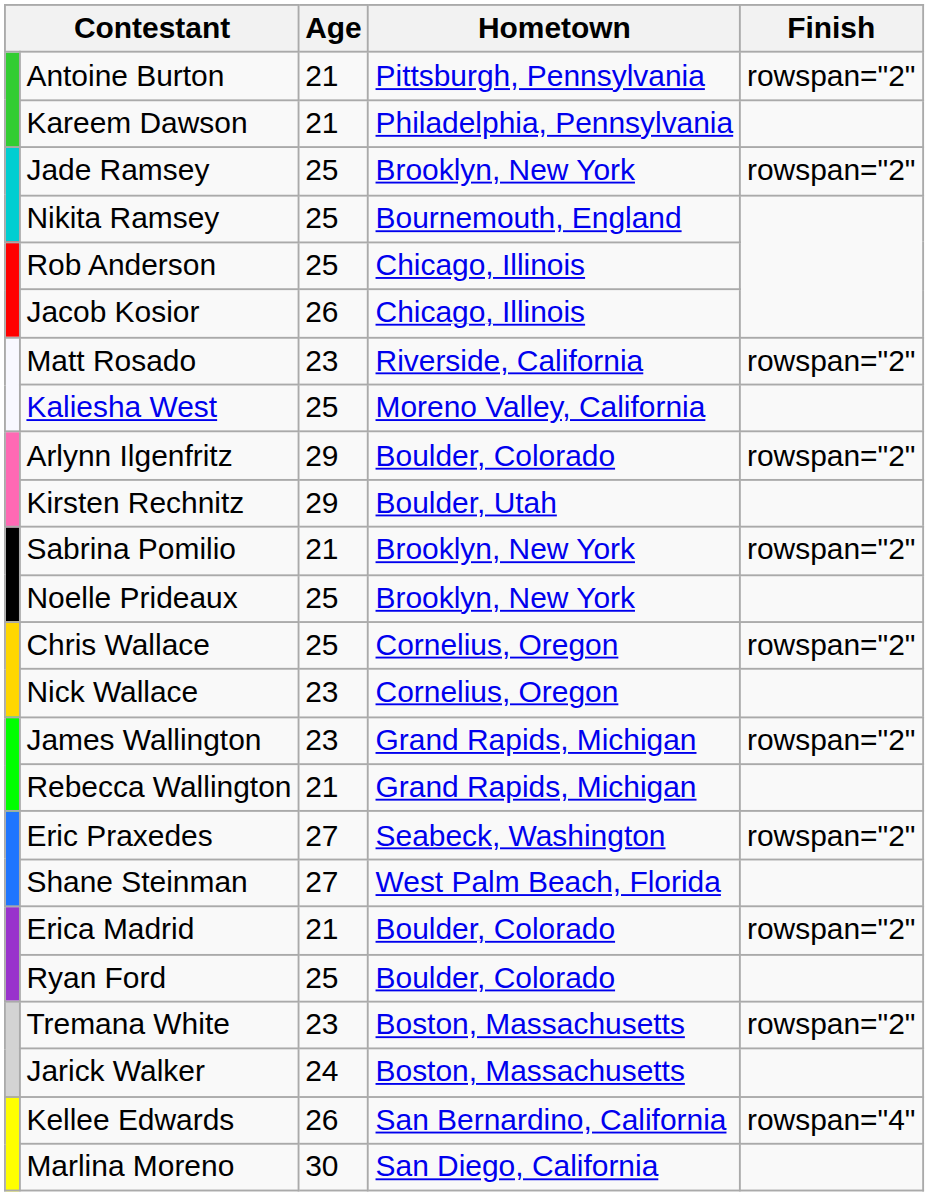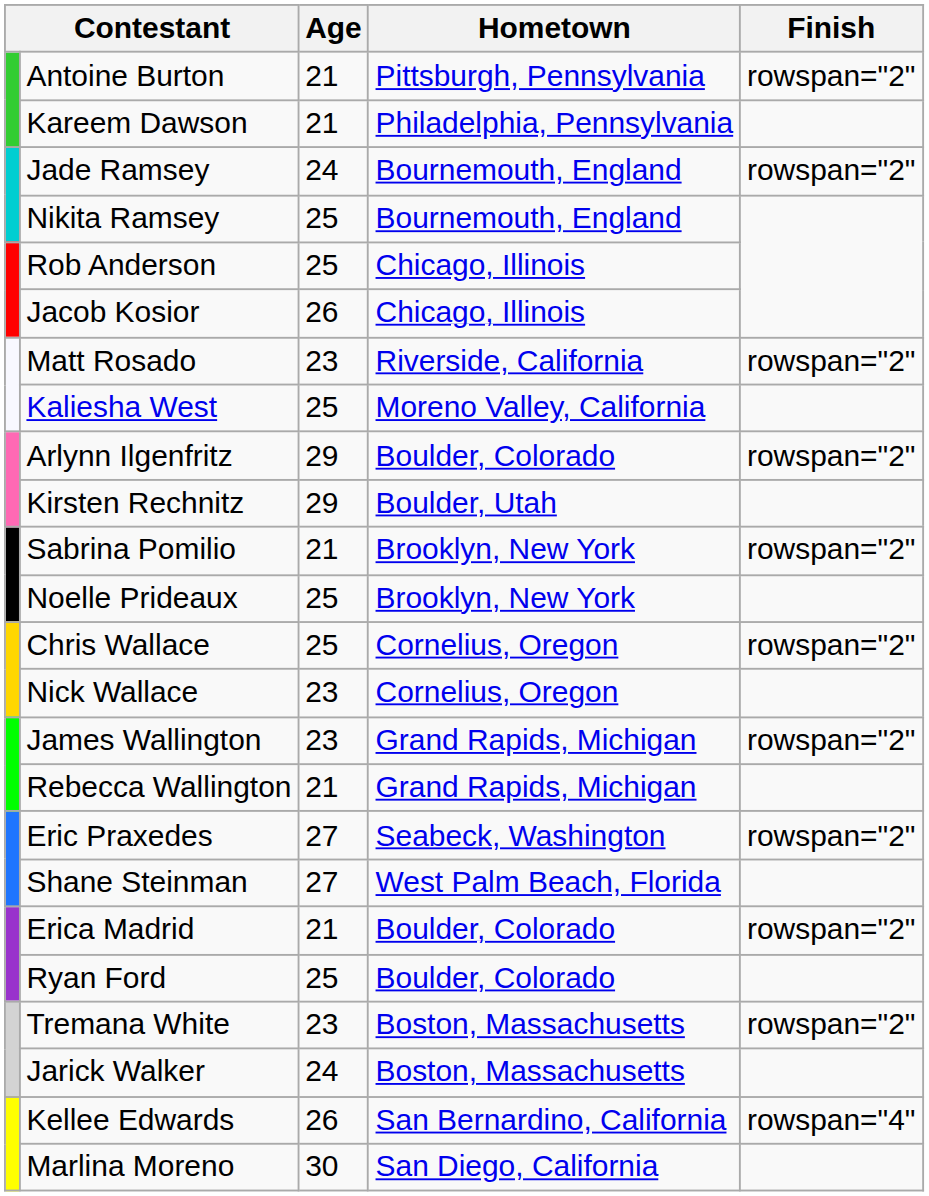 <table class="wikitable" style="margin: auto; text-align: left;">
 <tr>
 <th colspan=2>Contestant</th>
 <th>Age</th>
 <th>Hometown</th>
 <th>Finish</th>
 </tr>
 <tr>
 <td rowspan="2" style="background:limegreen;"></td>
 <td>Antoine Burton</td>
 <td>21</td>
 <td><a href='#'>Pittsburgh, Pennsylvania</a></td>
 <td>rowspan="2" </td>
 </tr>
 <tr>
 <td>Kareem Dawson</td>
 <td>21</td>
 <td><a href='#'>Philadelphia, Pennsylvania</a></td>
 </tr>
 <tr>
 <td rowspan="2" style="background:darkturquoise;"></td>
 <td>Jade Ramsey</td>
-<td>25</td>
-<td><a href='#'>Brooklyn, New York</a></td>
+<td>24</td>
+<td><a href='#'>Bournemouth, England</a></td>
 <td>rowspan="2" </td>
 </tr>
 <tr>
 <td>Nikita Ramsey</td>
 <td>25</td>
 <td><a href='#'>Bournemouth, England</a></td>
 </tr>
 <tr>
 <td rowspan="2" style="background:red;"></td>
 <td>Rob Anderson</td>
 <td>25</td>
 <td><a href='#'>Chicago, Illinois</a></td>
 </tr>
 <tr>
 <td>Jacob Kosior</td>
 <td>26</td>
 <td><a href='#'>Chicago, Illinois</a></td>
 </tr>
 <tr>
 <td rowspan="2" style="background:ghostwhite;"></td>
 <td>Matt Rosado</td>
 <td>23</td>
 <td><a href='#'>Riverside, California</a></td>
 <td>rowspan="2" </td>
 </tr>
 <tr>
 <td><a href='#'>Kaliesha West</a></td>
 <td>25</td>
 <td><a href='#'>Moreno Valley, California</a></td>
 </tr>
 <tr>
 <td rowspan="2" style="background:hotpink;"></td>
 <td>Arlynn Ilgenfritz</td>
 <td>29</td>
 <td><a href='#'>Boulder, Colorado</a></td>
 <td>rowspan="2" </td>
 </tr>
 <tr>
 <td>Kirsten Rechnitz</td>
 <td>29</td>
 <td><a href='#'>Boulder, Utah</a></td>
 </tr>
 <tr>
 <td rowspan="2" style="background:black;"></td>
 <td>Sabrina Pomilio</td>
 <td>21</td>
 <td><a href='#'>Brooklyn, New York</a></td>
 <td>rowspan="2" </td>
 </tr>
 <tr>
 <td>Noelle Prideaux</td>
 <td>25</td>
 <td><a href='#'>Brooklyn, New York</a></td>
 </tr>
 <tr>
 <td rowspan="2" style="background:gold;"></td>
 <td>Chris Wallace</td>
 <td>25</td>
 <td><a href='#'>Cornelius, Oregon</a></td>
 <td>rowspan="2" </td>
 </tr>
 <tr>
 <td>Nick Wallace</td>
 <td>23</td>
 <td><a href='#'>Cornelius, Oregon</a></td>
 </tr>
 <tr>
 <td rowspan="2" style="background:lime;"></td>
 <td>James Wallington</td>
 <td>23</td>
 <td><a href='#'>Grand Rapids, Michigan</a></td>
 <td>rowspan="2" </td>
 </tr>
 <tr>
 <td>Rebecca Wallington</td>
 <td>21</td>
 <td><a href='#'>Grand Rapids, Michigan</a></td>
 </tr>
 <tr>
 <td rowspan="2" style="background:#1F75FE;"></td>
 <td>Eric Praxedes</td>
 <td>27</td>
 <td><a href='#'>Seabeck, Washington</a></td>
 <td>rowspan="2" </td>
 </tr>
 <tr>
 <td>Shane Steinman</td>
 <td>27</td>
 <td><a href='#'>West Palm Beach, Florida</a></td>
 </tr>
 <tr>
 <td rowspan="2" style="background:darkorchid;"></td>
 <td>Erica Madrid</td>
 <td>21</td>
 <td><a href='#'>Boulder, Colorado</a></td>
 <td>rowspan="2" </td>
 </tr>
 <tr>
 <td>Ryan Ford</td>
 <td>25</td>
 <td><a href='#'>Boulder, Colorado</a></td>
 </tr>
 <tr>
 <td rowspan="2" style="background:lightgray;"></td>
 <td>Tremana White</td>
 <td>23</td>
 <td><a href='#'>Boston, Massachusetts</a></td>
 <td>rowspan="2" </td>
 </tr>
 <tr>
 <td>Jarick Walker</td>
 <td>24</td>
 <td><a href='#'>Boston, Massachusetts</a></td>
 </tr>
 <tr>
 <td rowspan="2" style="background:yellow;"></td>
 <td>Kellee Edwards</td>
 <td>26</td>
 <td><a href='#'>San Bernardino, California</a></td>
 <td>rowspan="4" </td>
 </tr>
 <tr>
 <td>Marlina Moreno</td>
 <td>30</td>
 <td><a href='#'>San Diego, California</a></td>
 </tr>
 </table>
